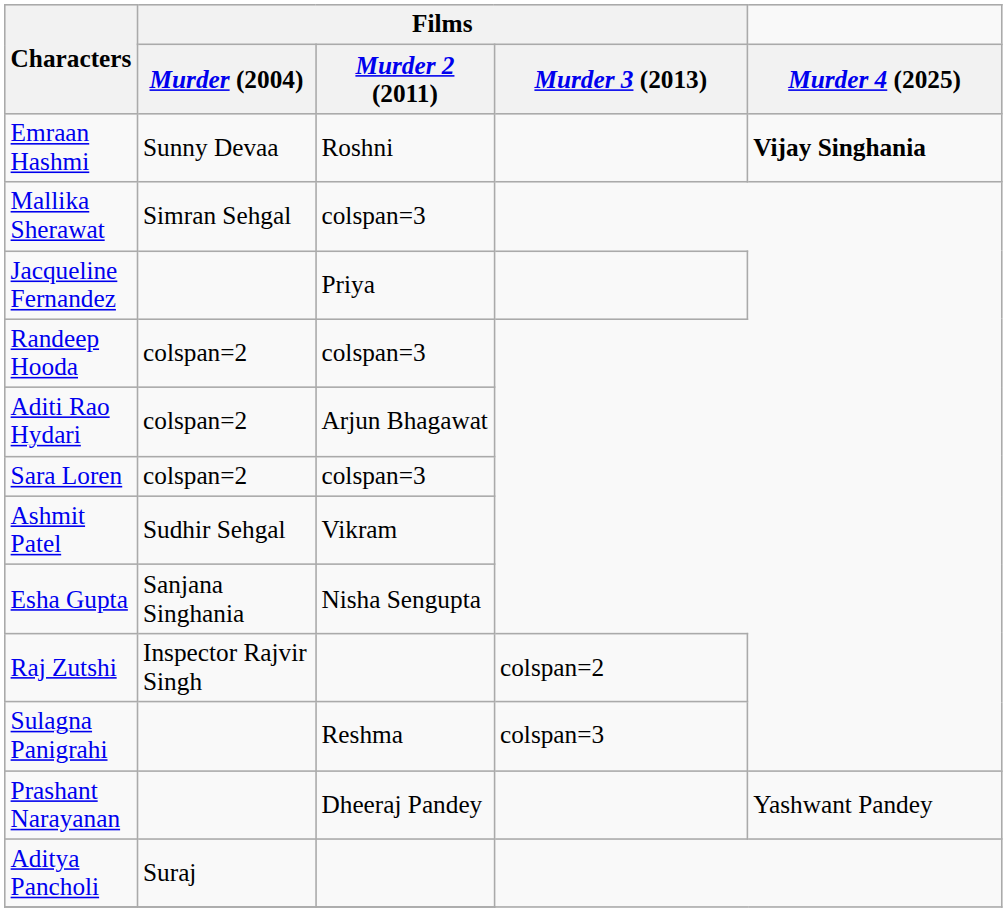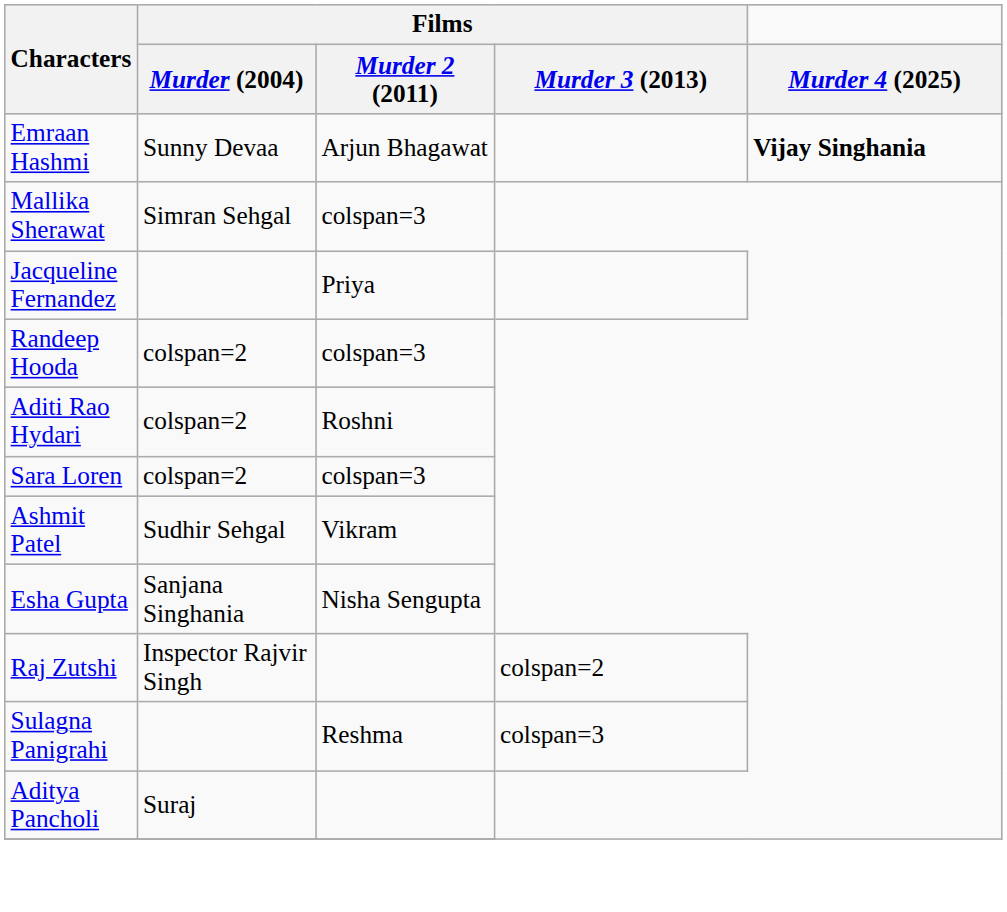 <table class="wikitable" style="width:50%;">
 <tr>
 <th scope="col" rowspan="2" style="text-align:center;">Characters</th>
 <th colspan="3" scope="col" style="text-align:center:">Films</th>
 </tr>
 <tr>
 <th scope="col" style="width:20%"><em><a href='#'>Murder</a></em> (2004)</th>
 <th scope="col" style="width:20%"><em><a href='#'>Murder 2</a></em> (2011)</th>
 <th scope="col" style="width:30%"><em><a href='#'>Murder 3</a></em> (2013)</th>
 <th scope="col" style="width:30%"><em><a href='#'>Murder 4</a></em> (2025)</th>
 </tr>
 <tr>
 <td><a href='#'>Emraan Hashmi</a></td>
 <td>Sunny Devaa</td>
-<td>Roshni</td>
+<td>Arjun Bhagawat</td>
 <td></td>
 <td><strong>Vijay Singhania</strong></td>
 </tr>
 <tr>
 <td><a href='#'>Mallika Sherawat</a></td>
 <td>Simran Sehgal</td>
 <td>colspan=3 </td>
 </tr>
 <tr>
 <td><a href='#'>Jacqueline Fernandez</a></td>
 <td></td>
 <td>Priya</td>
 <td></td>
 </tr>
 <tr>
 <td><a href='#'>Randeep Hooda</a></td>
 <td>colspan=2 </td>
 <td>colspan=3 </td>
 </tr>
 <tr>
 <td><a href='#'>Aditi Rao Hydari</a></td>
 <td>colspan=2 </td>
-<td>Arjun Bhagawat</td>
+<td>Roshni</td>
 </tr>
 <tr>
 <td><a href='#'>Sara Loren</a></td>
 <td>colspan=2 </td>
 <td>colspan=3 </td>
 </tr>
 <tr>
 <td><a href='#'>Ashmit Patel</a></td>
 <td>Sudhir Sehgal</td>
 <td>Vikram</td>
 </tr>
 <tr>
 <td><a href='#'>Esha Gupta</a></td>
 <td>Sanjana Singhania</td>
 <td>Nisha Sengupta</td>
 </tr>
 <tr>
 <td><a href='#'>Raj Zutshi</a></td>
 <td>Inspector Rajvir Singh</td>
 <td></td>
 <td>colspan=2 </td>
 </tr>
 <tr>
 <td><a href='#'>Sulagna Panigrahi</a></td>
 <td></td>
 <td>Reshma</td>
 <td>colspan=3 </td>
 </tr>
 <tr>
-<td><a href='#'>Prashant Narayanan</a></td>
-<td></td>
-<td>Dheeraj Pandey</td>
-<td></td>
-<td>Yashwant Pandey</td>
-</tr>
-<tr>
 <td><a href='#'>Aditya Pancholi</a></td>
 <td>Suraj</td>
 <td></td>
 </tr>
 <tr>
 </tr>
 </table>
